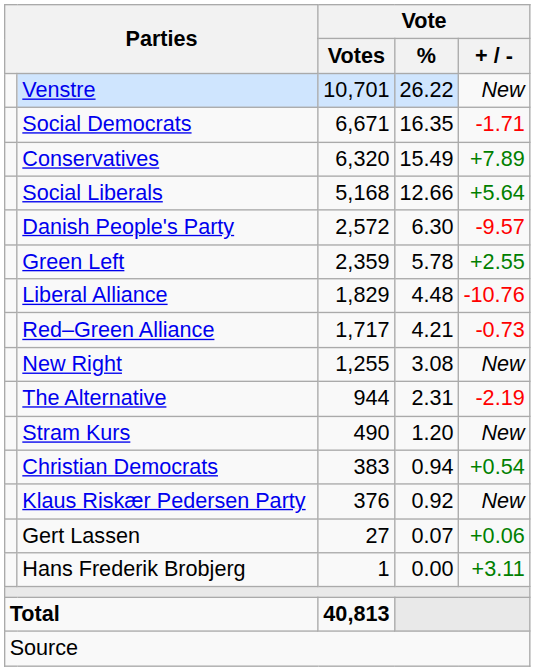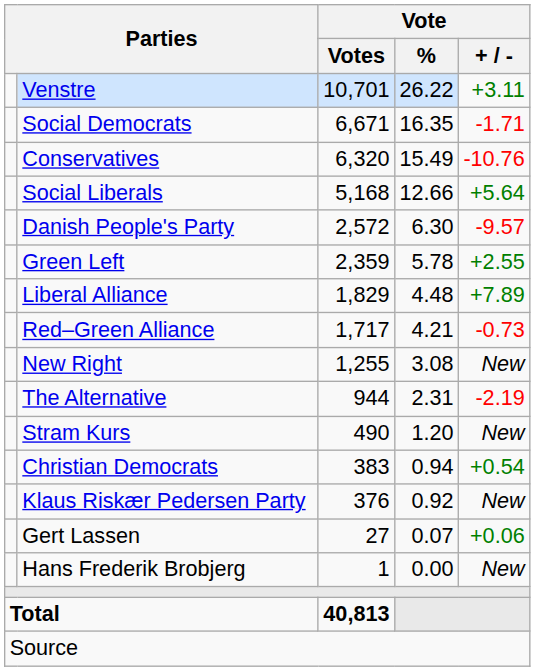 <table class="wikitable" style="text-align:right;">
 <tr>
 <th style="text-align:centre;" rowspan="2" colspan="2" width="225">Parties</th>
 <th colspan="3">Vote</th>
 </tr>
 <tr>
 <th width="15">Votes</th>
 <th width="15">%</th>
 <th width="15">+ / -</th>
 </tr>
 <tr>
 <td width="2" style="color:inherit;background:"></td>
 <td bgcolor=#cfe5fe  align="left"><a href='#'>Venstre</a></td>
 <td bgcolor=#cfe5fe>10,701</td>
 <td bgcolor=#cfe5fe>26.22</td>
-<td><em>New</em></td>
+<td style=color:green;>+3.11</td>
 </tr>
 <tr>
 <td width="2" style="color:inherit;background:"></td>
 <td align="left"><a href='#'>Social Democrats</a></td>
 <td>6,671</td>
 <td>16.35</td>
 <td style=color:red;>-1.71</td>
 </tr>
 <tr>
 <td width="2" style="color:inherit;background:"></td>
 <td align="left"><a href='#'>Conservatives</a></td>
 <td>6,320</td>
 <td>15.49</td>
-<td style=color:green;>+7.89</td>
+<td style=color:red;>-10.76</td>
 </tr>
 <tr>
 <td width="2" style="color:inherit;background:"></td>
 <td align="left"><a href='#'>Social Liberals</a></td>
 <td>5,168</td>
 <td>12.66</td>
 <td style=color:green;>+5.64</td>
 </tr>
 <tr>
 <td width="2" style="color:inherit;background:"></td>
 <td align="left"><a href='#'>Danish People's Party</a></td>
 <td>2,572</td>
 <td>6.30</td>
 <td style=color:red;>-9.57</td>
 </tr>
 <tr>
 <td width="2" style="color:inherit;background:"></td>
 <td align="left"><a href='#'>Green Left</a></td>
 <td>2,359</td>
 <td>5.78</td>
 <td style=color:green;>+2.55</td>
 </tr>
 <tr>
 <td width="2" style="color:inherit;background:"></td>
 <td align="left"><a href='#'>Liberal Alliance</a></td>
 <td>1,829</td>
 <td>4.48</td>
-<td style=color:red;>-10.76</td>
+<td style=color:green;>+7.89</td>
 </tr>
 <tr>
 <td width="2" style="color:inherit;background:"></td>
 <td align="left"><a href='#'>Red–Green Alliance</a></td>
 <td>1,717</td>
 <td>4.21</td>
 <td style=color:red;>-0.73</td>
 </tr>
 <tr>
 <td width="2" style="color:inherit;background:"></td>
 <td align="left"><a href='#'>New Right</a></td>
 <td>1,255</td>
 <td>3.08</td>
 <td><em>New</em></td>
 </tr>
 <tr>
 <td width="2" style="color:inherit;background:"></td>
 <td align="left"><a href='#'>The Alternative</a></td>
 <td>944</td>
 <td>2.31</td>
 <td style=color:red;>-2.19</td>
 </tr>
 <tr>
 <td width="2" style="color:inherit;background:"></td>
 <td align="left"><a href='#'>Stram Kurs</a></td>
 <td>490</td>
 <td>1.20</td>
 <td><em>New</em></td>
 </tr>
 <tr>
 <td width="2" style="color:inherit;background:"></td>
 <td align="left"><a href='#'>Christian Democrats</a></td>
 <td>383</td>
 <td>0.94</td>
 <td style=color:green;>+0.54</td>
 </tr>
 <tr>
 <td width="2" style="color:inherit;background:"></td>
 <td align="left"><a href='#'>Klaus Riskær Pedersen Party</a></td>
 <td>376</td>
 <td>0.92</td>
 <td><em>New</em></td>
 </tr>
 <tr>
 <td width="2" style="color:inherit;background:"></td>
 <td align="left">Gert Lassen</td>
 <td>27</td>
 <td>0.07</td>
 <td style=color:green;>+0.06</td>
 </tr>
 <tr>
 <td width="2" style="color:inherit;background:"></td>
 <td align="left">Hans Frederik Brobjerg</td>
 <td>1</td>
 <td>0.00</td>
-<td style=color:green;>+3.11</td>
+<td><em>New</em></td>
 </tr>
 <tr>
 <td colspan="7" bgcolor="#E9E9E9"></td>
 </tr>
 <tr>
 <td align="left" colspan="2"><strong>Total</strong></td>
 <td><strong>40,813</strong></td>
 <td bgcolor="#E9E9E9" colspan="2"></td>
 </tr>
 <tr>
 <td align="left" colspan="6">Source</td>
 </tr>
 </table>
